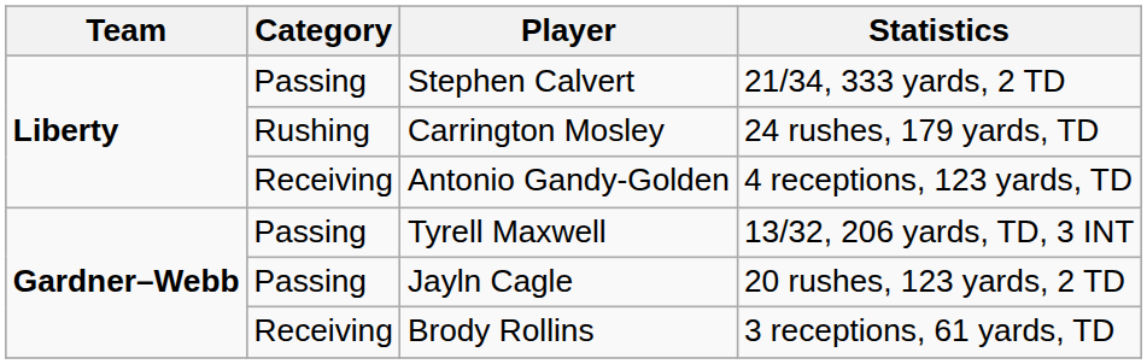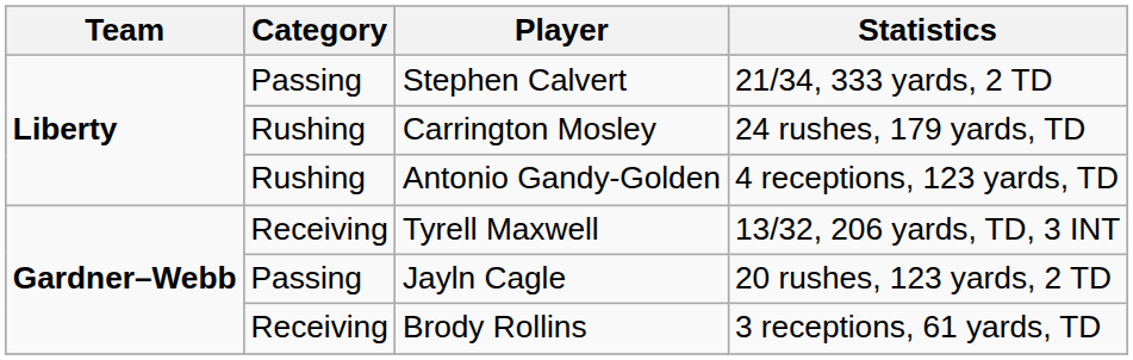 <table class="wikitable" style="float: left;">
 <tr>
 <th>Team</th>
 <th>Category</th>
 <th>Player</th>
 <th>Statistics</th>
 </tr>
 <tr>
 <td rowspan=3><strong>Liberty</strong></td>
 <td>Passing</td>
 <td>Stephen Calvert</td>
 <td>21/34, 333 yards, 2 TD</td>
 </tr>
 <tr>
 <td>Rushing</td>
 <td>Carrington Mosley</td>
 <td>24 rushes, 179 yards, TD</td>
 </tr>
 <tr>
-<td>Receiving</td>
+<td>Rushing</td>
 <td>Antonio Gandy-Golden</td>
 <td>4 receptions, 123 yards, TD</td>
 </tr>
 <tr>
 <td rowspan=3><strong>Gardner–Webb</strong></td>
-<td>Passing</td>
+<td>Receiving</td>
 <td>Tyrell Maxwell</td>
 <td>13/32, 206 yards, TD, 3 INT</td>
 </tr>
 <tr>
 <td>Passing</td>
 <td>Jayln Cagle</td>
 <td>20 rushes, 123 yards, 2 TD</td>
 </tr>
 <tr>
 <td>Receiving</td>
 <td>Brody Rollins</td>
 <td>3 receptions, 61 yards, TD</td>
 </tr>
 </table>
